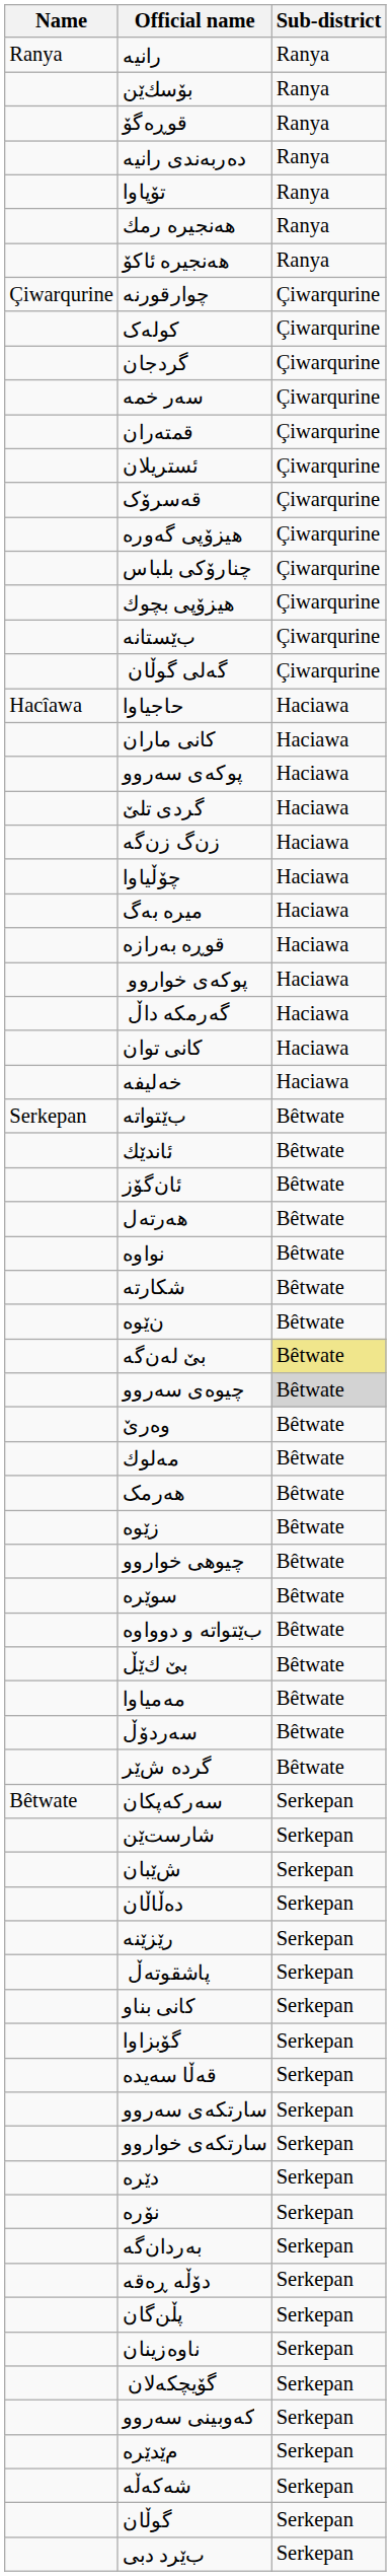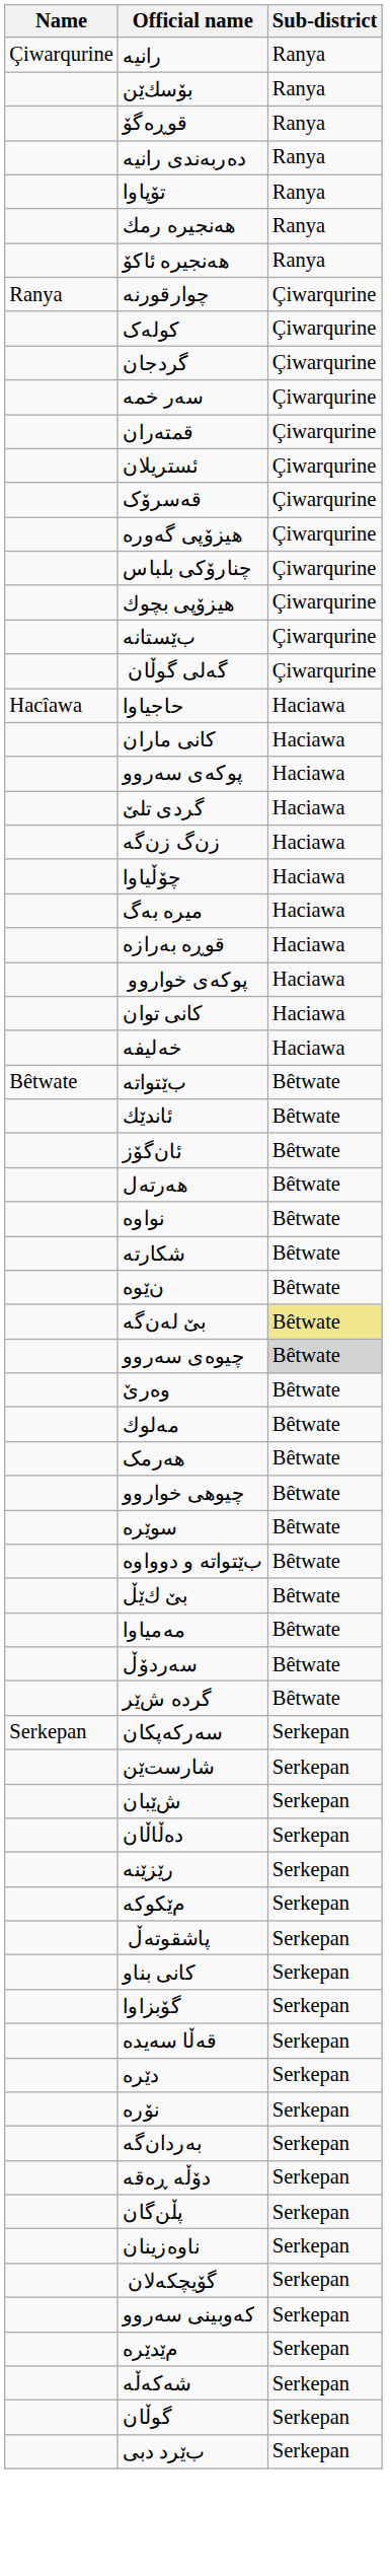 <table class="wikitable">
 <tr>
 <th>Name</th>
 <th>Official name</th>
 <th>Sub-district</th>
 </tr>
 <tr>
-<td>Ranya</td>
+<td>Çiwarqurine</td>
 <td>رانيه</td>
 <td>Ranya</td>
 </tr>
 <tr>
 <td></td>
 <td>بۆسك‌ێن</td>
 <td>Ranya</td>
 </tr>
 <tr>
 <td></td>
 <td>قوڕه‌گۆ</td>
 <td>Ranya</td>
 </tr>
 <tr>
 <td></td>
 <td>ده‌ربه‌ندی رانيه</td>
 <td>Ranya</td>
 </tr>
 <tr>
 <td></td>
 <td>تۆ‌پاوا</td>
 <td>Ranya</td>
 </tr>
 <tr>
 <td></td>
 <td>هه‌نجیره‌ رمك</td>
 <td>Ranya</td>
 </tr>
 <tr>
 <td></td>
 <td>هه‌نجیره‌ ئاكۆ</td>
 <td>Ranya</td>
 </tr>
 <tr>
-<td>Çiwarqurine</td>
+<td>Ranya</td>
 <td>چوارقورنه‌</td>
 <td>Çiwarqurine</td>
 </tr>
 <tr>
 <td></td>
 <td>کوله‌ک</td>
 <td>Çiwarqurine</td>
 </tr>
 <tr>
 <td></td>
 <td>‌گردجان</td>
 <td>Çiwarqurine</td>
 </tr>
 <tr>
 <td></td>
 <td>سه‌ر خمه‌</td>
 <td>Çiwarqurine</td>
 </tr>
 <tr>
 <td></td>
 <td>قمته‌ران</td>
 <td>Çiwarqurine</td>
 </tr>
 <tr>
 <td></td>
 <td>ئستريلان</td>
 <td>Çiwarqurine</td>
 </tr>
 <tr>
 <td></td>
 <td>قه‌سرۆک</td>
 <td>Çiwarqurine</td>
 </tr>
 <tr>
 <td></td>
 <td>هيزۆ‌پى ‌گه‌وره‌</td>
 <td>Çiwarqurine</td>
 </tr>
 <tr>
 <td></td>
 <td>چنارۆكى بلباس</td>
 <td>Çiwarqurine</td>
 </tr>
 <tr>
 <td></td>
 <td>هيزۆ‌پى بچوك</td>
 <td>Çiwarqurine</td>
 </tr>
 <tr>
 <td></td>
 <td>ب‌ێستانه</td>
 <td>Çiwarqurine</td>
 </tr>
 <tr>
 <td></td>
 <td>‌ گه‌لی ‌گوڵان</td>
 <td>Çiwarqurine</td>
 </tr>
 <tr>
 <td>Hacîawa</td>
 <td>حاجياوا</td>
 <td>Haciawa</td>
 </tr>
 <tr>
 <td></td>
 <td>كانى ماران</td>
 <td>Haciawa</td>
 </tr>
 <tr>
 <td></td>
 <td>‌پوکه‌ی سه‌روو</td>
 <td>Haciawa</td>
 </tr>
 <tr>
 <td></td>
 <td>‌گردى تلێ</td>
 <td>Haciawa</td>
 </tr>
 <tr>
 <td></td>
 <td>زن‌گ زن‌گه</td>
 <td>Haciawa</td>
 </tr>
 <tr>
 <td></td>
 <td>چۆڵياوا</td>
 <td>Haciawa</td>
 </tr>
 <tr>
 <td></td>
 <td>ميره به‌گ</td>
 <td>Haciawa</td>
 </tr>
 <tr>
 <td></td>
 <td>قوڕه‌ به‌رازه‌</td>
 <td>Haciawa</td>
 </tr>
 <tr>
 <td></td>
 <td>‌ پوکه‌ی خواروو</td>
 <td>Haciawa</td>
 </tr>
 <tr>
 <td></td>
-<td>‌ گه‌رمکه‌ داڵ</td>
-<td>Haciawa</td>
-</tr>
-<tr>
-<td></td>
 <td>كانى توان</td>
 <td>Haciawa</td>
 </tr>
 <tr>
 <td></td>
 <td>خه‌لیفه‌</td>
 <td>Haciawa</td>
 </tr>
 <tr>
-<td>Serkepan</td>
+<td>Bêtwate</td>
 <td>ب‌ێتواته</td>
 <td>Bêtwate</td>
 </tr>
 <tr>
 <td></td>
 <td>ئاند‌ێك</td>
 <td>Bêtwate</td>
 </tr>
 <tr>
 <td></td>
 <td>ئان‌گۆز</td>
 <td>Bêtwate</td>
 </tr>
 <tr>
 <td></td>
 <td>هه‌رته‌ل</td>
 <td>Bêtwate</td>
 </tr>
 <tr>
 <td></td>
 <td>نواوه</td>
 <td>Bêtwate</td>
 </tr>
 <tr>
 <td></td>
 <td>شكارته</td>
 <td>Bêtwate</td>
 </tr>
 <tr>
 <td></td>
 <td>ن‌ێوه</td>
 <td>Bêtwate</td>
 </tr>
 <tr>
 <td></td>
 <td>بێ له‌ن‌گه‌</td>
 <td style="background: khaki;">Bêtwate</td>
 </tr>
 <tr>
 <td></td>
 <td>چیوه‌ی سه‌روو</td>
 <td style="background: lightgrey;">Bêtwate</td>
 </tr>
 <tr>
 <td></td>
 <td>وه‌رێ</td>
 <td>Bêtwate</td>
 </tr>
 <tr>
 <td></td>
 <td>مه‌لوك</td>
 <td>Bêtwate</td>
 </tr>
 <tr>
 <td></td>
 <td>هه‌رمک</td>
 <td>Bêtwate</td>
 </tr>
 <tr>
 <td></td>
-<td>ز‌ێوه</td>
-<td>Bêtwate</td>
-</tr>
-<tr>
-<td></td>
 <td>چيوهى خواروو</td>
 <td>Bêtwate</td>
 </tr>
 <tr>
 <td></td>
 <td>سو‌ێره</td>
 <td>Bêtwate</td>
 </tr>
 <tr>
 <td></td>
 <td>ب‌ێتواته و دوواوه</td>
 <td>Bêtwate</td>
 </tr>
 <tr>
 <td></td>
 <td>بێ ك‌ێڵ</td>
 <td>Bêtwate</td>
 </tr>
 <tr>
 <td></td>
 <td>مه‌میاوا</td>
 <td>Bêtwate</td>
 </tr>
 <tr>
 <td></td>
 <td>سه‌ردۆڵ</td>
 <td>Bêtwate</td>
 </tr>
 <tr>
 <td></td>
 <td>‌گرده ش‌ێر</td>
 <td>Bêtwate</td>
 </tr>
 <tr>
-<td>Bêtwate</td>
+<td>Serkepan</td>
 <td>سه‌رکه‌‌پکان</td>
 <td>Serkepan</td>
 </tr>
 <tr>
 <td></td>
 <td>شارست‌ێن</td>
 <td>Serkepan</td>
 </tr>
 <tr>
 <td></td>
 <td>ش‌ێبان</td>
 <td>Serkepan</td>
 </tr>
 <tr>
 <td></td>
 <td>ده‌ڵاڵان</td>
 <td>Serkepan</td>
 </tr>
 <tr>
 <td></td>
 <td>ر‌ێز‌ێنه</td>
 <td>Serkepan</td>
 </tr>
 <tr>
 <td></td>
+<td>م‌ێكوكه</td>
+<td>Serkepan</td>
+</tr>
+<tr>
+<td></td>
 <td>‌ پاشقوته‌ڵ</td>
 <td>Serkepan</td>
 </tr>
 <tr>
 <td></td>
 <td>كانى بناو</td>
 <td>Serkepan</td>
 </tr>
 <tr>
 <td></td>
 <td>‌گۆبزاوا</td>
 <td>Serkepan</td>
 </tr>
 <tr>
 <td></td>
 <td>قه‌ڵا سه‌یده‌‌</td>
-<td>Serkepan</td>
-</tr>
-<tr>
-<td></td>
-<td>سارتکه‌ی سه‌روو</td>
-<td>Serkepan</td>
-</tr>
-<tr>
-<td></td>
-<td>سارتکه‌ی خواروو</td>
 <td>Serkepan</td>
 </tr>
 <tr>
 <td></td>
 <td>د‌ێره</td>
 <td>Serkepan</td>
 </tr>
 <tr>
 <td></td>
 <td>نۆره</td>
 <td>Serkepan</td>
 </tr>
 <tr>
 <td></td>
 <td>به‌ردان‌گه‌</td>
 <td>Serkepan</td>
 </tr>
 <tr>
 <td></td>
 <td>دۆڵه‌ ڕه‌قه‌</td>
 <td>Serkepan</td>
 </tr>
 <tr>
 <td></td>
 <td>‌پڵن‌گان</td>
 <td>Serkepan</td>
 </tr>
 <tr>
 <td></td>
 <td>ناوه‌زینان</td>
 <td>Serkepan</td>
 </tr>
 <tr>
 <td></td>
 <td>‌ گۆیچکه‌لان</td>
 <td>Serkepan</td>
 </tr>
 <tr>
 <td></td>
 <td>که‌وبینی سه‌روو</td>
 <td>Serkepan</td>
 </tr>
 <tr>
 <td></td>
 <td>م‌ێد‌ێره</td>
 <td>Serkepan</td>
 </tr>
 <tr>
 <td></td>
 <td>شه‌که‌ڵه‌</td>
 <td>Serkepan</td>
 </tr>
 <tr>
 <td></td>
 <td>‌گوڵان</td>
 <td>Serkepan</td>
 </tr>
 <tr>
 <td></td>
 <td>ب‌ێرد دبى</td>
 <td>Serkepan</td>
 </tr>
 </table>
